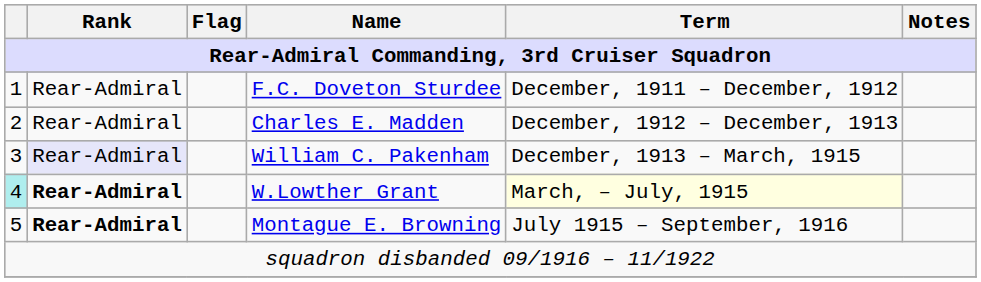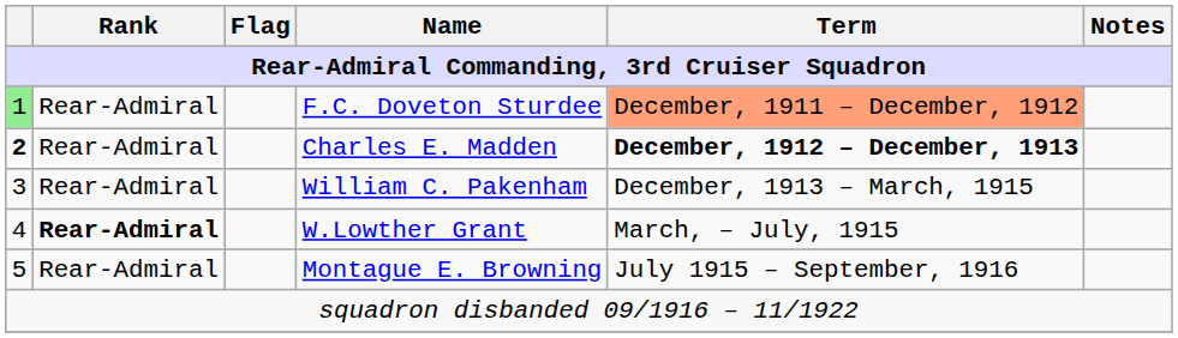 <table class="wikitable">
 <tr>
 <th></th>
 <th>Rank</th>
 <th>Flag</th>
 <th>Name</th>
 <th>Term</th>
 <th>Notes</th>
 </tr>
 <tr>
 <td colspan="6" align="center" style="background:#dcdcfe;"><strong>Rear-Admiral Commanding, 3rd Cruiser Squadron</strong></td>
 </tr>
 <tr>
-<td>1</td>
+<td style="background: lightgreen;">1</td>
 <td>Rear-Admiral</td>
 <td></td>
 <td><a href='#'>F.C. Doveton Sturdee</a></td>
-<td>December, 1911 – December, 1912</td>
+<td style="background: lightsalmon;">December, 1911 – December, 1912</td>
 <td></td>
 </tr>
 <tr>
-<td>2</td>
+<td><strong>2</strong></td>
 <td>Rear-Admiral</td>
 <td></td>
 <td><a href='#'>Charles E. Madden</a></td>
-<td>December, 1912 – December, 1913</td>
+<td><strong>December, 1912 – December, 1913</strong></td>
 <td></td>
 </tr>
 <tr>
 <td>3</td>
-<td style="background: lavender;">Rear-Admiral</td>
+<td>Rear-Admiral</td>
 <td></td>
 <td><a href='#'>William C. Pakenham</a></td>
 <td>December, 1913 – March, 1915</td>
 <td></td>
 </tr>
 <tr>
-<td style="background: paleturquoise;">4</td>
+<td>4</td>
 <td><strong>Rear-Admiral</strong></td>
 <td></td>
 <td><a href='#'>W.Lowther Grant</a></td>
-<td style="background: lightyellow;">March, – July, 1915</td>
+<td>March, – July, 1915</td>
 <td></td>
 </tr>
 <tr>
 <td>5</td>
-<td><strong>Rear-Admiral</strong></td>
+<td>Rear-Admiral</td>
 <td></td>
 <td><a href='#'>Montague E. Browning</a></td>
 <td>July  1915 – September, 1916</td>
 <td></td>
 </tr>
 <tr style=background-color:#F8F8F8>
 <td colspan=6 align=center><em>squadron disbanded 09/1916 – 11/1922</em></td>
 </tr>
 <tr>
 </tr>
 </table>
